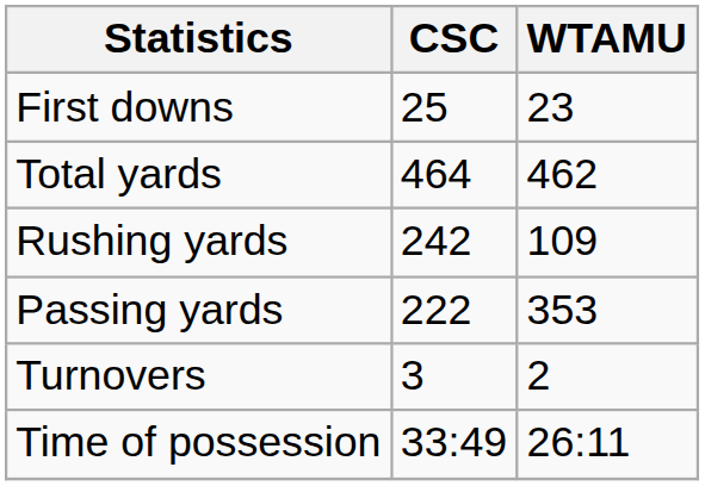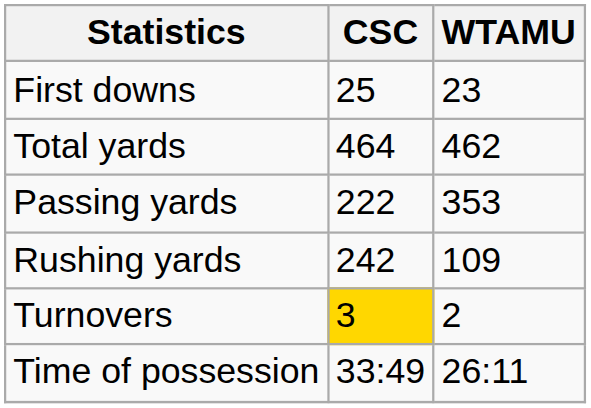 <table class="wikitable">
 <tr>
 <th>Statistics</th>
 <th>CSC</th>
 <th>WTAMU</th>
 </tr>
 <tr>
 <td>First downs</td>
 <td>25</td>
 <td>23</td>
 </tr>
 <tr>
 <td>Total yards</td>
 <td>464</td>
 <td>462</td>
 </tr>
 <tr>
+<td>Passing yards</td>
+<td>222</td>
+<td>353</td>
+</tr>
+<tr>
 <td>Rushing yards</td>
 <td>242</td>
 <td>109</td>
 </tr>
 <tr>
-<td>Passing yards</td>
-<td>222</td>
-<td>353</td>
-</tr>
-<tr>
 <td>Turnovers</td>
-<td>3</td>
+<td style="background: gold;">3</td>
 <td>2</td>
 </tr>
 <tr>
 <td>Time of possession</td>
 <td>33:49</td>
 <td>26:11</td>
 </tr>
 <tr>
 </tr>
 </table>
